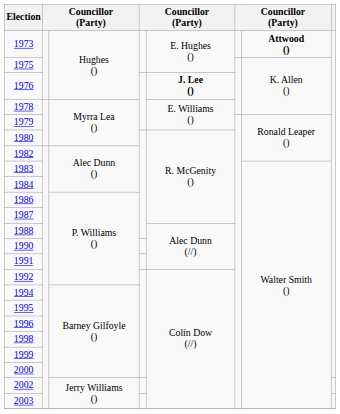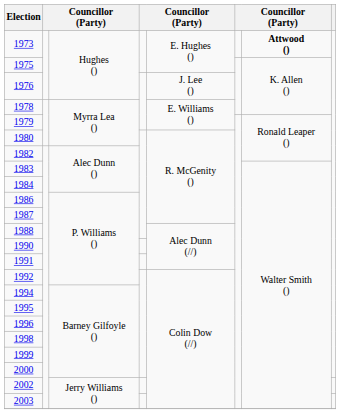 <table class="wikitable" style="text-align:center">
 <tr>
 <th>Election</th>
 <th scope="col" width="150" colspan = "2">Councillor<br> (Party)</th>
 <th scope="col" width="150" colspan = "2">Councillor<br> (Party)</th>
 <th scope="col" width="150" colspan = "2">Councillor<br> (Party)</th>
 <th></th>
 </tr>
 <tr>
 <td><a href='#'>1973</a></td>
 <td rowspan=3 style="background-color: "></td>
 <td rowspan=3>Hughes<br>(<a href='#'></a>)</td>
 <td rowspan=2 style="background-color: "></td>
 <td rowspan=2>E. Hughes<br>(<a href='#'></a>)</td>
 <td style="background-color: "></td>
 <td><strong>Attwood<br>(<a href='#'></a>)</strong></td>
 <td rowspan=21></td>
 </tr>
 <tr>
 <td><a href='#'>1975</a></td>
 <td rowspan=3 style="background-color: "></td>
 <td rowspan=3>K. Allen<br>(<a href='#'></a>)</td>
 </tr>
 <tr>
 <td><a href='#'>1976</a></td>
 <td rowspan=3 style="background-color: "></td>
-<td><strong>J. Lee<br>(<a href='#'></a>)</strong></td>
+<td>J. Lee<br>(<a href='#'></a>)</td>
 </tr>
 <tr>
 <td><a href='#'>1978</a></td>
 <td rowspan=3 style="background-color: "></td>
 <td rowspan=3>Myrra Lea<br>(<a href='#'></a>)</td>
 <td rowspan=2>E. Williams<br>(<a href='#'></a>)</td>
 </tr>
 <tr>
 <td><a href='#'>1979</a></td>
 <td rowspan=19 style="background-color: "></td>
 <td rowspan=3>Ronald Leaper<br>(<a href='#'></a>)</td>
 </tr>
 <tr>
 <td><a href='#'>1980</a></td>
 <td rowspan=7 style="background-color: "></td>
 <td rowspan=6>R. McGenity<br>(<a href='#'></a>)</td>
 </tr>
 <tr>
 <td><a href='#'>1982</a></td>
 <td rowspan=17 style="background-color: "></td>
 <td rowspan=3>Alec Dunn<br>(<a href='#'></a>)</td>
 </tr>
 <tr>
 <td><a href='#'>1983</a></td>
 <td rowspan=16>Walter Smith<br>(<a href='#'></a>)</td>
 </tr>
 <tr>
 <td><a href='#'>1984</a></td>
 </tr>
 <tr>
 <td><a href='#'>1986</a></td>
 <td rowspan=6>P. Williams<br>(<a href='#'></a>)</td>
 </tr>
 <tr>
 <td><a href='#'>1987</a></td>
 </tr>
 <tr>
 <td><a href='#'>1988</a></td>
 <td rowspan=3>Alec Dunn<br>(<a href='#'></a>/<a href='#'></a>/<a href='#'></a>)</td>
 </tr>
 <tr>
 <td><a href='#'>1990</a></td>
 <td style="background-color: "></td>
 </tr>
 <tr>
 <td><a href='#'>1991</a></td>
 <td style="background-color: "></td>
 </tr>
 <tr>
 <td><a href='#'>1992</a></td>
 <td rowspan=7 style="background-color: "></td>
 <td rowspan=9>Colin Dow<br>(<a href='#'></a>/<a href='#'></a>/<a href='#'></a>)</td>
 </tr>
 <tr>
 <td><a href='#'>1994</a></td>
 <td rowspan=6>Barney Gilfoyle<br>(<a href='#'></a>)</td>
 </tr>
 <tr>
 <td><a href='#'>1995</a></td>
 </tr>
 <tr>
 <td><a href='#'>1996</a></td>
 </tr>
 <tr>
 <td><a href='#'>1998</a></td>
 </tr>
 <tr>
 <td><a href='#'>1999</a></td>
 </tr>
 <tr>
 <td><a href='#'>2000</a></td>
 </tr>
 <tr>
 <td><a href='#'>2002</a></td>
 <td rowspan=2>Jerry Williams<br>(<a href='#'></a>)</td>
 <td style="background-color: "></td>
 <td></td>
 </tr>
 <tr>
 <td><a href='#'>2003</a></td>
 <td style="background-color: "></td>
 <td></td>
 </tr>
 <tr>
 </tr>
 </table>
